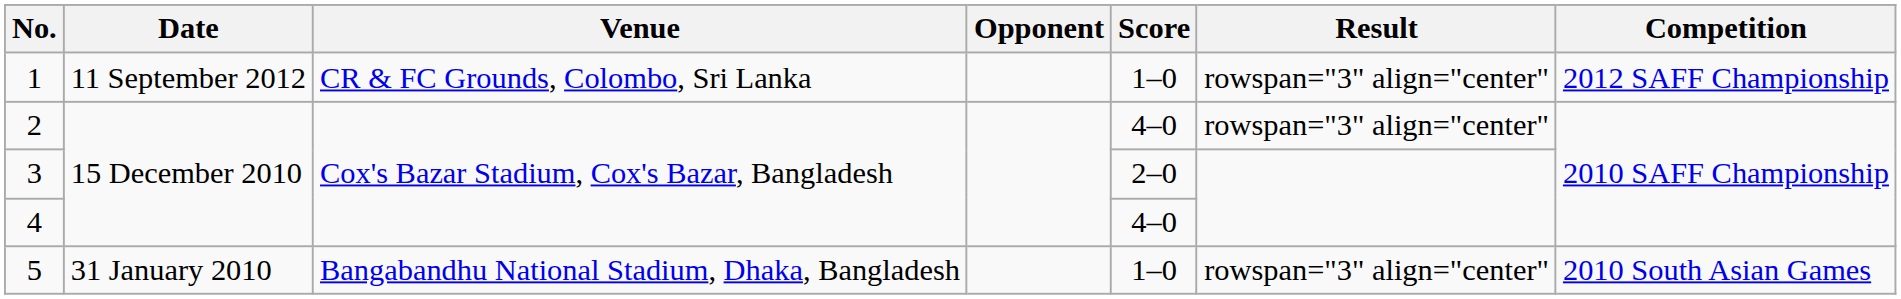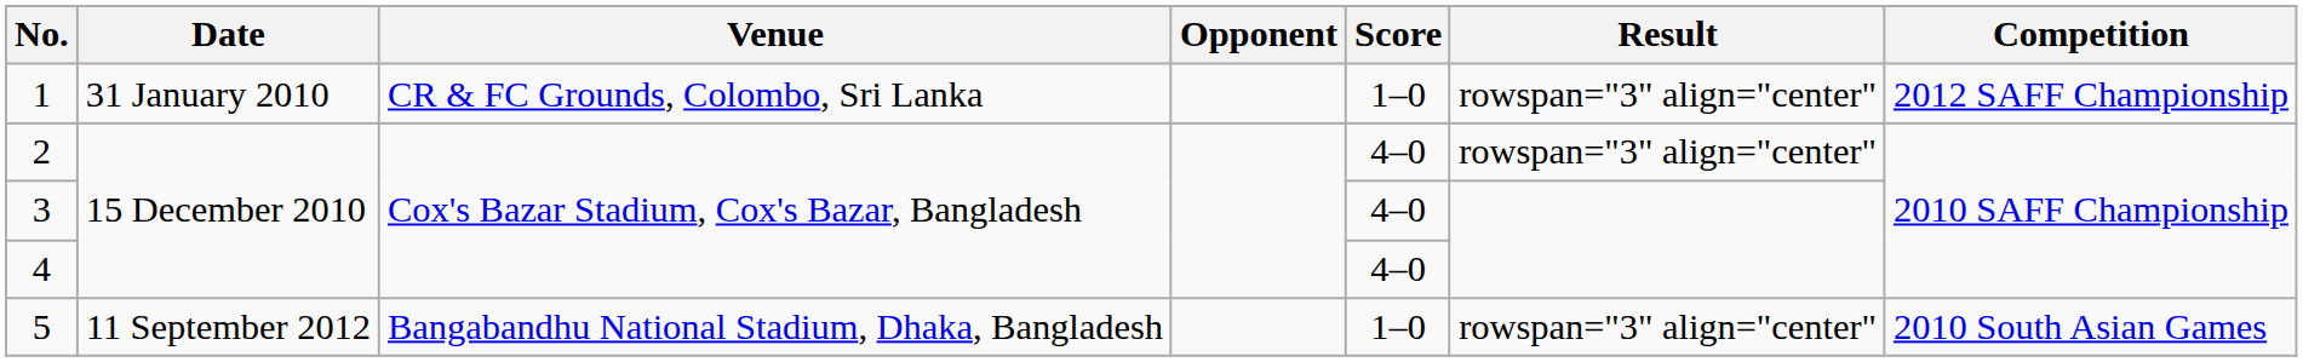 <table class="wikitable">
 <tr>
 <th>No.</th>
 <th>Date</th>
 <th>Venue</th>
 <th>Opponent</th>
 <th>Score</th>
 <th>Result</th>
 <th>Competition</th>
 </tr>
 <tr>
 <td align=center>1</td>
-<td>11 September 2012</td>
+<td>31 January 2010</td>
 <td><a href='#'>CR & FC Grounds</a>, <a href='#'>Colombo</a>, Sri Lanka</td>
 <td></td>
 <td align=center>1–0</td>
 <td>rowspan="3" align="center" </td>
 <td><a href='#'>2012 SAFF Championship</a></td>
 </tr>
 <tr>
 <td align=center>2</td>
 <td rowspan="3">15 December 2010</td>
 <td rowspan="3"><a href='#'>Cox's Bazar Stadium</a>, <a href='#'>Cox's Bazar</a>, Bangladesh</td>
 <td rowspan="3"></td>
 <td align=center>4–0</td>
 <td>rowspan="3" align="center" </td>
 <td rowspan="3"><a href='#'>2010 SAFF Championship</a></td>
 </tr>
 <tr>
 <td align=center>3</td>
-<td align=center>2–0</td>
+<td align=center>4–0</td>
 </tr>
 <tr>
 <td align=center>4</td>
 <td align=center>4–0</td>
 </tr>
 <tr>
 <td align=center>5</td>
-<td>31 January 2010</td>
+<td>11 September 2012</td>
 <td><a href='#'>Bangabandhu National Stadium</a>, <a href='#'>Dhaka</a>, Bangladesh</td>
 <td></td>
 <td align=center>1–0</td>
 <td>rowspan="3" align="center" </td>
 <td><a href='#'>2010 South Asian Games</a></td>
 </tr>
 </table>
